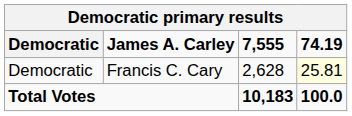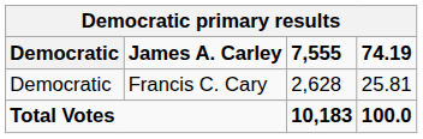 <table class="wikitable">
 <tr>
 <th colspan="4">Democratic primary results</th>
 </tr>
 <tr>
 <th>Democratic</th>
 <td><strong>James A. Carley</strong></td>
 <td><strong>7,555</strong></td>
 <td><strong>74.19</strong></td>
 </tr>
 <tr>
 <td>Democratic</td>
 <td>Francis C. Cary</td>
 <td>2,628</td>
-<td style="background: lightyellow;">25.81</td>
+<td>25.81</td>
 </tr>
 <tr>
 <td colspan="2"><strong>Total Votes</strong></td>
 <td><strong>10,183</strong></td>
 <td><strong>100.0</strong></td>
 </tr>
 </table>
